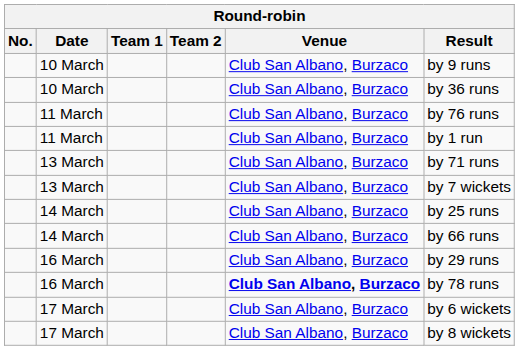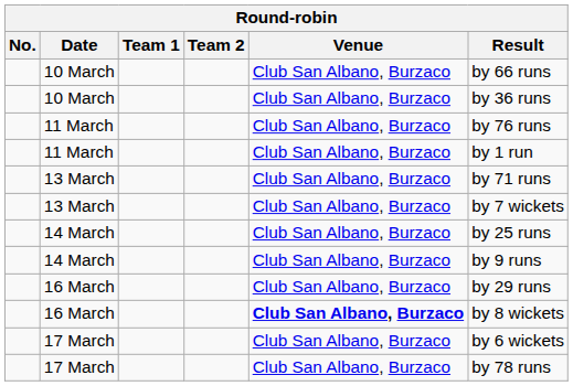 <table class="wikitable">
 <tr>
 <th colspan="6">Round-robin</th>
 </tr>
 <tr>
 <th>No.</th>
 <th>Date</th>
 <th>Team 1</th>
 <th>Team 2</th>
 <th>Venue</th>
 <th>Result</th>
 </tr>
 <tr>
 <td></td>
 <td>10 March</td>
 <td></td>
 <td></td>
 <td><a href='#'>Club San Albano</a>, <a href='#'>Burzaco</a></td>
-<td> by 9 runs</td>
+<td> by 66 runs</td>
 </tr>
 <tr>
 <td></td>
 <td>10 March</td>
 <td></td>
 <td></td>
 <td><a href='#'>Club San Albano</a>, <a href='#'>Burzaco</a></td>
 <td> by 36 runs</td>
 </tr>
 <tr>
 <td></td>
 <td>11 March</td>
 <td></td>
 <td></td>
 <td><a href='#'>Club San Albano</a>, <a href='#'>Burzaco</a></td>
 <td> by 76 runs</td>
 </tr>
 <tr>
 <td></td>
 <td>11 March</td>
 <td></td>
 <td></td>
 <td><a href='#'>Club San Albano</a>, <a href='#'>Burzaco</a></td>
 <td> by 1 run</td>
 </tr>
 <tr>
 <td></td>
 <td>13 March</td>
 <td></td>
 <td></td>
 <td><a href='#'>Club San Albano</a>, <a href='#'>Burzaco</a></td>
 <td> by 71 runs</td>
 </tr>
 <tr>
 <td></td>
 <td>13 March</td>
 <td></td>
 <td></td>
 <td><a href='#'>Club San Albano</a>, <a href='#'>Burzaco</a></td>
 <td> by 7 wickets</td>
 </tr>
 <tr>
 <td></td>
 <td>14 March</td>
 <td></td>
 <td></td>
 <td><a href='#'>Club San Albano</a>, <a href='#'>Burzaco</a></td>
 <td> by 25 runs</td>
 </tr>
 <tr>
 <td></td>
 <td>14 March</td>
 <td></td>
 <td></td>
 <td><a href='#'>Club San Albano</a>, <a href='#'>Burzaco</a></td>
-<td> by 66 runs</td>
+<td> by 9 runs</td>
 </tr>
 <tr>
 <td></td>
 <td>16 March</td>
 <td></td>
 <td></td>
 <td><a href='#'>Club San Albano</a>, <a href='#'>Burzaco</a></td>
 <td> by 29 runs</td>
 </tr>
 <tr>
 <td></td>
 <td>16 March</td>
 <td></td>
 <td></td>
 <td><strong><a href='#'>Club San Albano</a>, <a href='#'>Burzaco</a></strong></td>
-<td> by 78 runs</td>
+<td> by 8 wickets</td>
 </tr>
 <tr>
 <td></td>
 <td>17 March</td>
 <td></td>
 <td></td>
 <td><a href='#'>Club San Albano</a>, <a href='#'>Burzaco</a></td>
 <td> by 6 wickets</td>
 </tr>
 <tr>
 <td></td>
 <td>17 March</td>
 <td></td>
 <td></td>
 <td><a href='#'>Club San Albano</a>, <a href='#'>Burzaco</a></td>
-<td> by 8 wickets</td>
+<td> by 78 runs</td>
 </tr>
 </table>
